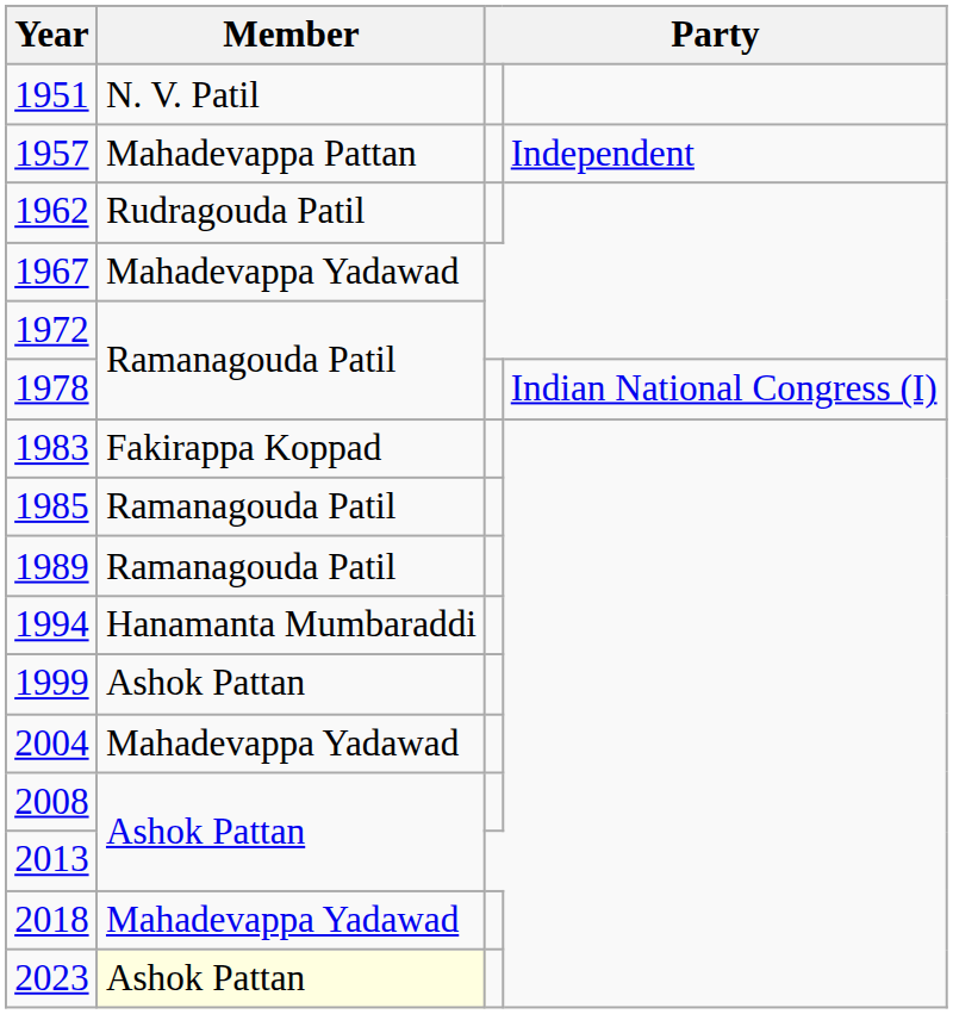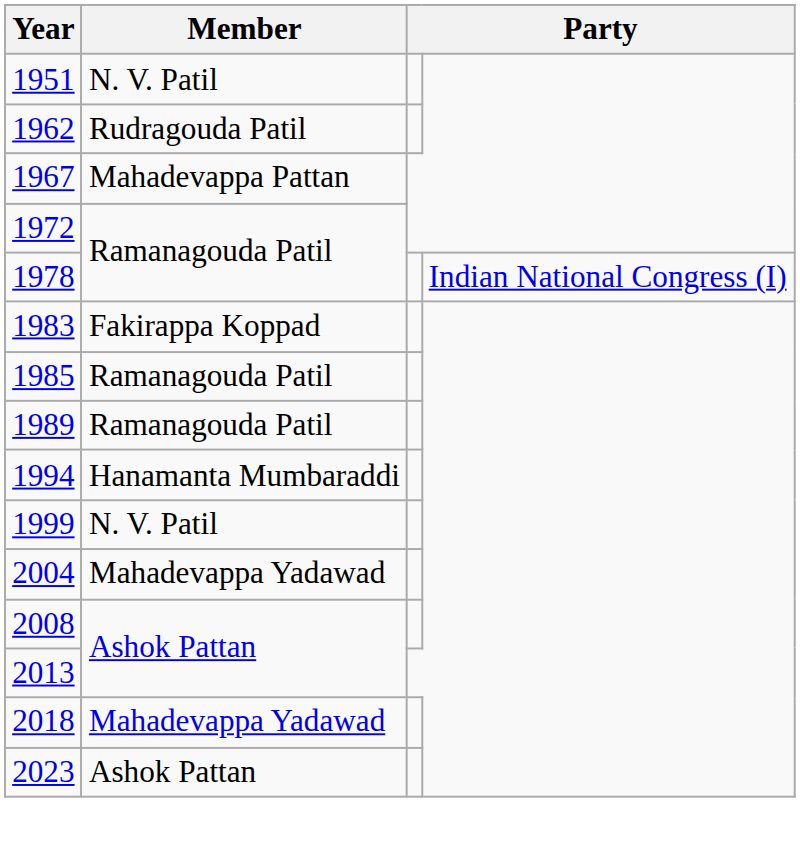 <table class="wikitable">
 <tr>
 <th>Year</th>
 <th>Member</th>
 <th colspan="2">Party</th>
 </tr>
 <tr>
 <td><a href='#'>1951</a></td>
 <td>N. V. Patil</td>
 <td></td>
 </tr>
 <tr>
-<td><a href='#'>1957</a></td>
-<td>Mahadevappa Pattan</td>
-<td style="background-color:"></td>
-<td><a href='#'>Independent</a></td>
-</tr>
-<tr>
 <td><a href='#'>1962</a></td>
 <td>Rudragouda Patil</td>
 <td></td>
 </tr>
 <tr>
 <td><a href='#'>1967</a></td>
-<td>Mahadevappa Yadawad</td>
+<td>Mahadevappa Pattan</td>
 </tr>
 <tr>
 <td><a href='#'>1972</a></td>
 <td rowspan="2">Ramanagouda Patil</td>
 </tr>
 <tr>
 <td><a href='#'>1978</a></td>
 <td style="background-color:"></td>
 <td><a href='#'>Indian National Congress (I)</a></td>
 </tr>
 <tr>
 <td><a href='#'>1983</a></td>
 <td>Fakirappa Koppad</td>
 <td></td>
 </tr>
 <tr>
 <td><a href='#'>1985</a></td>
 <td>Ramanagouda Patil</td>
 <td></td>
 </tr>
 <tr>
 <td><a href='#'>1989</a></td>
 <td>Ramanagouda Patil</td>
 <td></td>
 </tr>
 <tr>
 <td><a href='#'>1994</a></td>
 <td>Hanamanta Mumbaraddi</td>
 <td></td>
 </tr>
 <tr>
 <td><a href='#'>1999</a></td>
-<td>Ashok Pattan</td>
+<td>N. V. Patil</td>
 <td></td>
 </tr>
 <tr>
 <td><a href='#'>2004</a></td>
 <td>Mahadevappa Yadawad</td>
 <td></td>
 </tr>
 <tr>
 <td><a href='#'>2008</a></td>
 <td rowspan="2"><a href='#'>Ashok Pattan</a></td>
 <td></td>
 </tr>
 <tr>
 <td><a href='#'>2013</a></td>
 </tr>
 <tr>
 <td><a href='#'>2018</a></td>
 <td><a href='#'>Mahadevappa Yadawad</a></td>
 <td></td>
 </tr>
 <tr>
 <td><a href='#'>2023</a></td>
-<td style="background: lightyellow;">Ashok Pattan</td>
+<td>Ashok Pattan</td>
 <td></td>
 </tr>
 </table>
